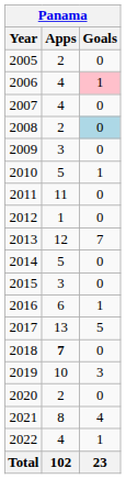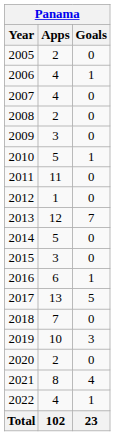 <table class="wikitable" style="text-align:center">
 <tr>
 <th colspan=3><a href='#'>Panama</a></th>
 </tr>
 <tr>
 <th>Year</th>
 <th>Apps</th>
 <th>Goals</th>
 </tr>
 <tr>
 <td>2005</td>
 <td>2</td>
 <td>0</td>
 </tr>
 <tr>
 <td>2006</td>
 <td>4</td>
-<td style="background: pink;">1</td>
+<td>1</td>
 </tr>
 <tr>
 <td>2007</td>
 <td>4</td>
 <td>0</td>
 </tr>
 <tr>
 <td>2008</td>
 <td>2</td>
-<td style="background: lightblue;">0</td>
+<td>0</td>
 </tr>
 <tr>
 <td>2009</td>
 <td>3</td>
 <td>0</td>
 </tr>
 <tr>
 <td>2010</td>
 <td>5</td>
 <td>1</td>
 </tr>
 <tr>
 <td>2011</td>
 <td>11</td>
 <td>0</td>
 </tr>
 <tr>
 <td>2012</td>
 <td>1</td>
 <td>0</td>
 </tr>
 <tr>
 <td>2013</td>
 <td>12</td>
 <td>7</td>
 </tr>
 <tr>
 <td>2014</td>
 <td>5</td>
 <td>0</td>
 </tr>
 <tr>
 <td>2015</td>
 <td>3</td>
 <td>0</td>
 </tr>
 <tr>
 <td>2016</td>
 <td>6</td>
 <td>1</td>
 </tr>
 <tr>
 <td>2017</td>
 <td>13</td>
 <td>5</td>
 </tr>
 <tr>
 <td>2018</td>
-<td><strong>7</strong></td>
+<td>7</td>
 <td>0</td>
 </tr>
 <tr>
 <td>2019</td>
 <td>10</td>
 <td>3</td>
 </tr>
 <tr>
 <td>2020</td>
 <td>2</td>
 <td>0</td>
 </tr>
 <tr>
 <td>2021</td>
 <td>8</td>
 <td>4</td>
 </tr>
 <tr>
 <td>2022</td>
 <td>4</td>
 <td>1</td>
 </tr>
 <tr>
 <th>Total</th>
 <th>102</th>
 <th>23</th>
 </tr>
 </table>
